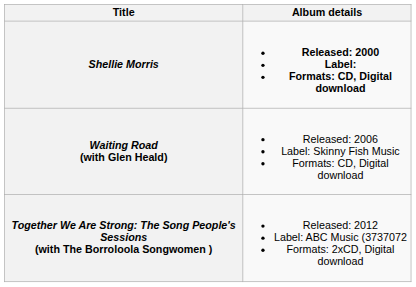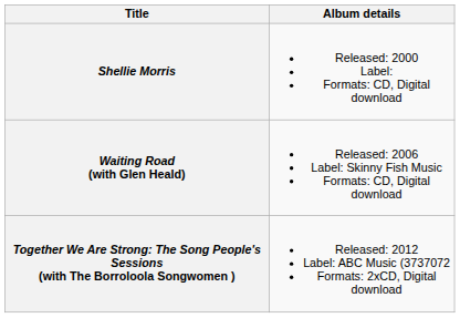 <table class="wikitable plainrowheaders" style="text-align:center;">
 <tr>
 <th>Title</th>
 <th>Album details</th>
 </tr>
 <tr>
 <th scope="row"><em>Shellie Morris</em></th>
-<td><strong><br><ul><li>Released: 2000</li><li>Label:</li><li>Formats: CD, Digital download</li></ul></strong></td>
+<td><br><ul><li>Released: 2000</li><li>Label:</li><li>Formats: CD, Digital download</li></ul></td>
 </tr>
 <tr>
 <th scope="row"><em>Waiting Road</em> <br> (with Glen Heald)</th>
 <td><br><ul><li>Released: 2006</li><li>Label: Skinny Fish Music</li><li>Formats: CD, Digital download</li></ul></td>
 </tr>
 <tr>
 <th scope="row"><em>Together We Are Strong: The Song People's Sessions</em> <br> (with The Borroloola Songwomen )</th>
 <td><br><ul><li>Released: 2012</li><li>Label: ABC Music (3737072</li><li>Formats: 2xCD, Digital download</li></ul></td>
 </tr>
 </table>
